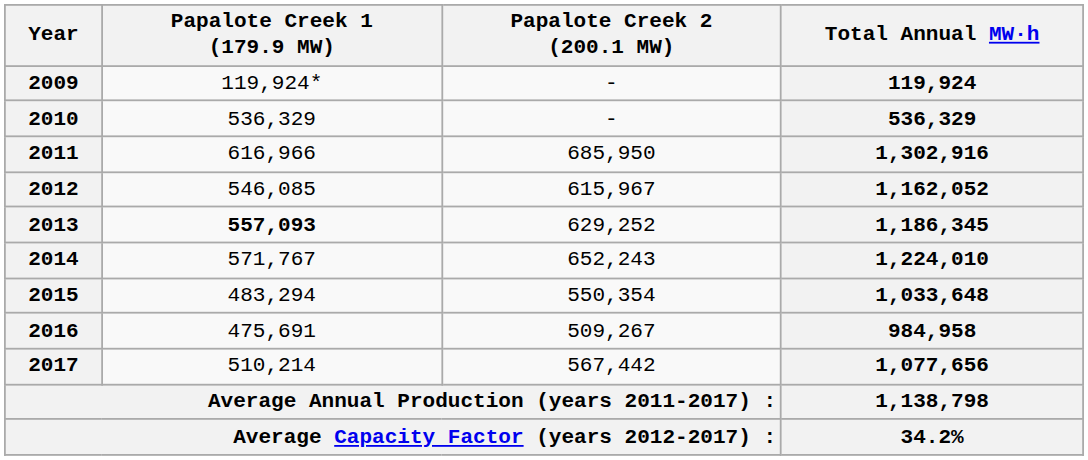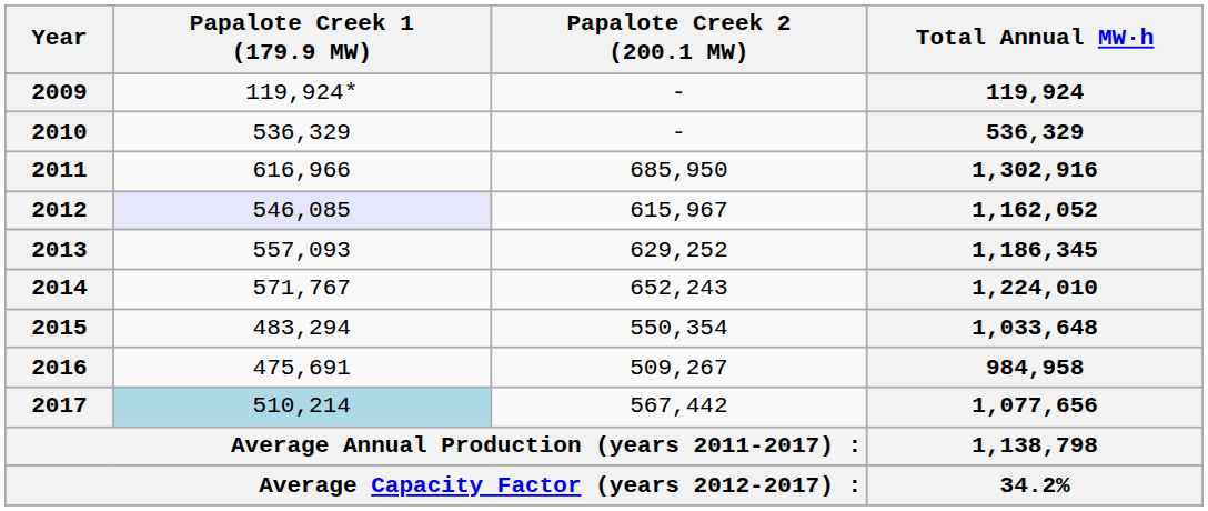 <table class=wikitable style="text-align:center; font-size:0.9em; width:600px;">
 <tr>
 <th>Year</th>
 <th>Papalote Creek 1<br>(179.9 MW) </th>
 <th>Papalote Creek 2<br>(200.1 MW) </th>
 <th>Total Annual <a href='#'>MW·h</a></th>
 </tr>
 <tr>
 <th>2009</th>
 <td>119,924*</td>
 <td>-</td>
 <th>119,924</th>
 </tr>
 <tr>
 <th>2010</th>
 <td>536,329</td>
 <td>-</td>
 <th>536,329</th>
 </tr>
 <tr>
 <th>2011</th>
 <td>616,966</td>
 <td>685,950</td>
 <th>1,302,916</th>
 </tr>
 <tr>
 <th>2012</th>
-<td>546,085</td>
+<td style="background: lavender;">546,085</td>
 <td>615,967</td>
 <th>1,162,052</th>
 </tr>
 <tr>
 <th>2013</th>
-<td><strong>557,093</strong></td>
+<td>557,093</td>
 <td>629,252</td>
 <th>1,186,345</th>
 </tr>
 <tr>
 <th>2014</th>
 <td>571,767</td>
 <td>652,243</td>
 <th>1,224,010</th>
 </tr>
 <tr>
 <th>2015</th>
 <td>483,294</td>
 <td>550,354</td>
 <th>1,033,648</th>
 </tr>
 <tr>
 <th>2016</th>
 <td>475,691</td>
 <td>509,267</td>
 <th>984,958</th>
 </tr>
 <tr>
 <th>2017</th>
-<td>510,214</td>
+<td style="background: lightblue;">510,214</td>
 <td>567,442</td>
 <th>1,077,656</th>
 </tr>
 <tr>
 <th colspan=3 style="text-align:right">Average Annual Production (years 2011-2017) :</th>
 <th>1,138,798</th>
 </tr>
 <tr>
 <th colspan=3 style="text-align:right">Average <a href='#'>Capacity Factor</a> (years 2012-2017) :</th>
 <th>34.2%</th>
 </tr>
 </table>
